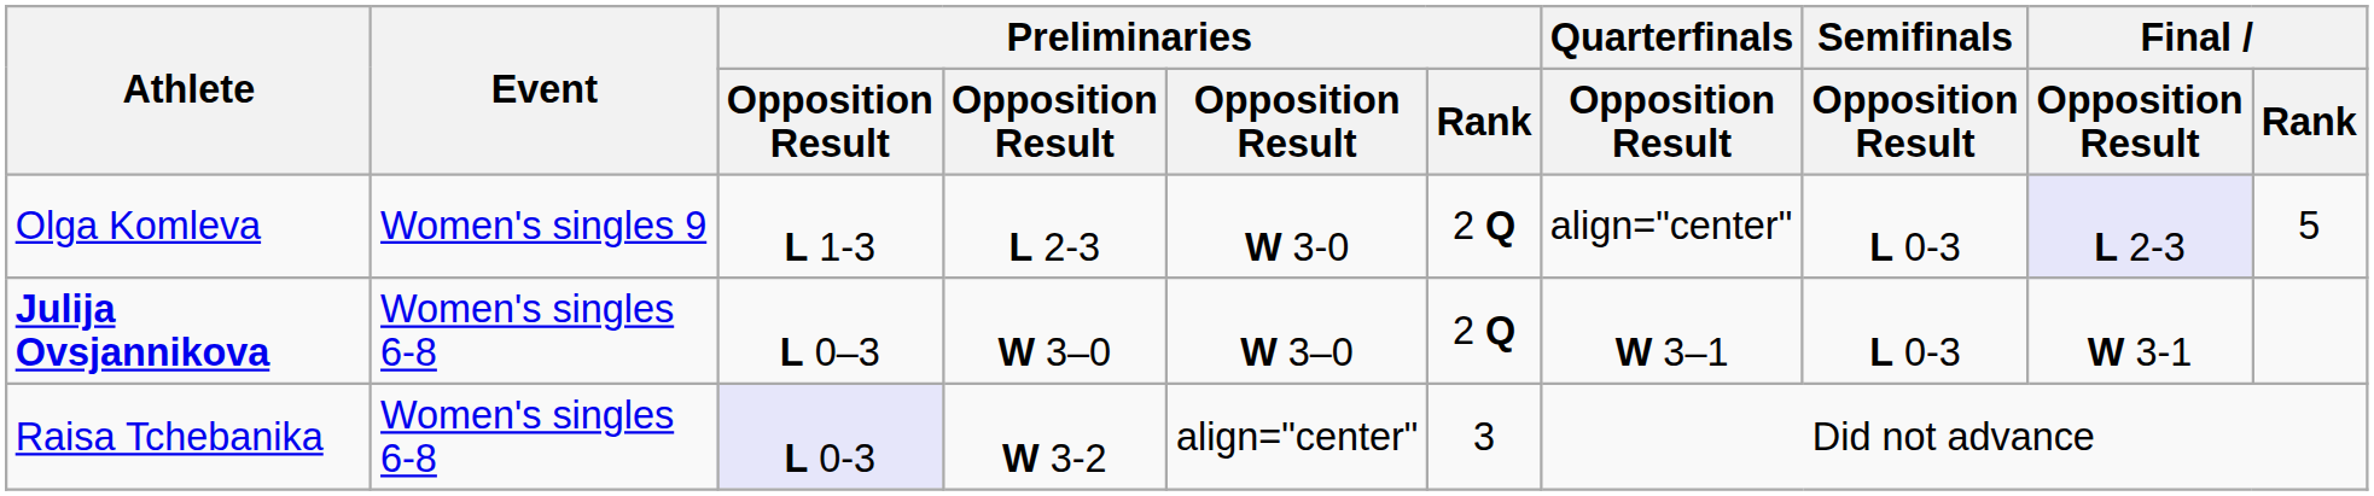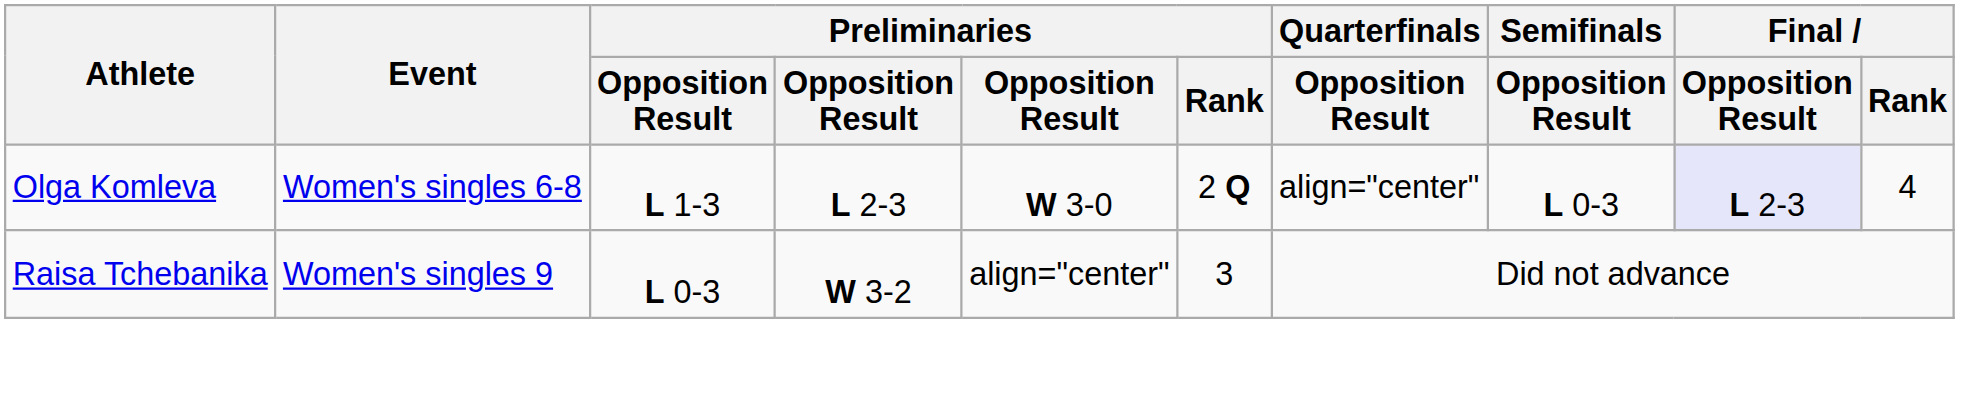 <table class=wikitable style="font-size:90%">
 <tr>
 <th rowspan="2">Athlete</th>
 <th rowspan="2">Event</th>
 <th colspan="4">Preliminaries</th>
 <th>Quarterfinals</th>
 <th>Semifinals</th>
 <th colspan="2">Final / </th>
 </tr>
 <tr>
 <th>Opposition<br>Result</th>
 <th>Opposition<br>Result</th>
 <th>Opposition<br>Result</th>
 <th>Rank</th>
 <th>Opposition<br>Result</th>
 <th>Opposition<br>Result</th>
 <th>Opposition<br>Result</th>
 <th>Rank</th>
 </tr>
 <tr>
 <td><a href='#'>Olga Komleva</a></td>
-<td><a href='#'>Women's singles 9</a></td>
+<td><a href='#'>Women's singles 6-8</a></td>
 <td align="center"><br><strong>L</strong> 1-3</td>
 <td align="center"><br><strong>L</strong> 2-3</td>
 <td align="center"><br><strong>W</strong> 3-0</td>
 <td align="center">2 <strong>Q</strong></td>
 <td>align="center" </td>
 <td align="center"><br><strong>L</strong> 0-3</td>
 <td align="center" style="background: lavender;"><br><strong>L</strong> 2-3</td>
-<td align="center">5</td>
-</tr>
-<tr>
-<td><strong><a href='#'>Julija Ovsjannikova</a></strong></td>
-<td><a href='#'>Women's singles 6-8</a></td>
-<td align="center"><br><strong>L</strong> 0–3</td>
-<td align="center"><br><strong>W</strong> 3–0</td>
-<td align="center"><br><strong>W</strong> 3–0</td>
-<td align="center">2 <strong>Q</strong></td>
-<td align="center"><br><strong>W</strong> 3–1</td>
-<td align="center"><br><strong>L</strong> 0-3</td>
-<td align="center"><br><strong>W</strong> 3-1</td>
-<td align="center"></td>
+<td align="center">4</td>
 </tr>
 <tr>
 <td><a href='#'>Raisa Tchebanika</a></td>
-<td><a href='#'>Women's singles 6-8</a></td>
-<td align="center" style="background: lavender;"><br><strong>L</strong> 0-3</td>
+<td><a href='#'>Women's singles 9</a></td>
+<td align="center"><br><strong>L</strong> 0-3</td>
 <td align="center"><br><strong>W</strong> 3-2</td>
 <td>align="center" </td>
 <td align="center">3</td>
 <td align="center" colspan="4">Did not advance</td>
 </tr>
 </table>
